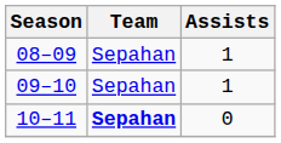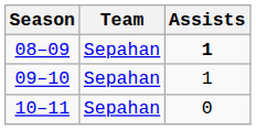 <table class="wikitable" style="text-align: center;">
 <tr>
 <th>Season</th>
 <th>Team</th>
 <th>Assists</th>
 </tr>
 <tr>
 <td><a href='#'>08–09</a></td>
 <td align="left"><a href='#'>Sepahan</a></td>
-<td>1</td>
+<td><strong>1</strong></td>
 </tr>
 <tr>
 <td><a href='#'>09–10</a></td>
 <td align="left"><a href='#'>Sepahan</a></td>
 <td>1</td>
 </tr>
 <tr>
 <td><a href='#'>10–11</a></td>
-<td align="left"><strong><a href='#'>Sepahan</a></strong></td>
+<td align="left"><a href='#'>Sepahan</a></td>
 <td>0</td>
 </tr>
 <tr>
 </tr>
 </table>
